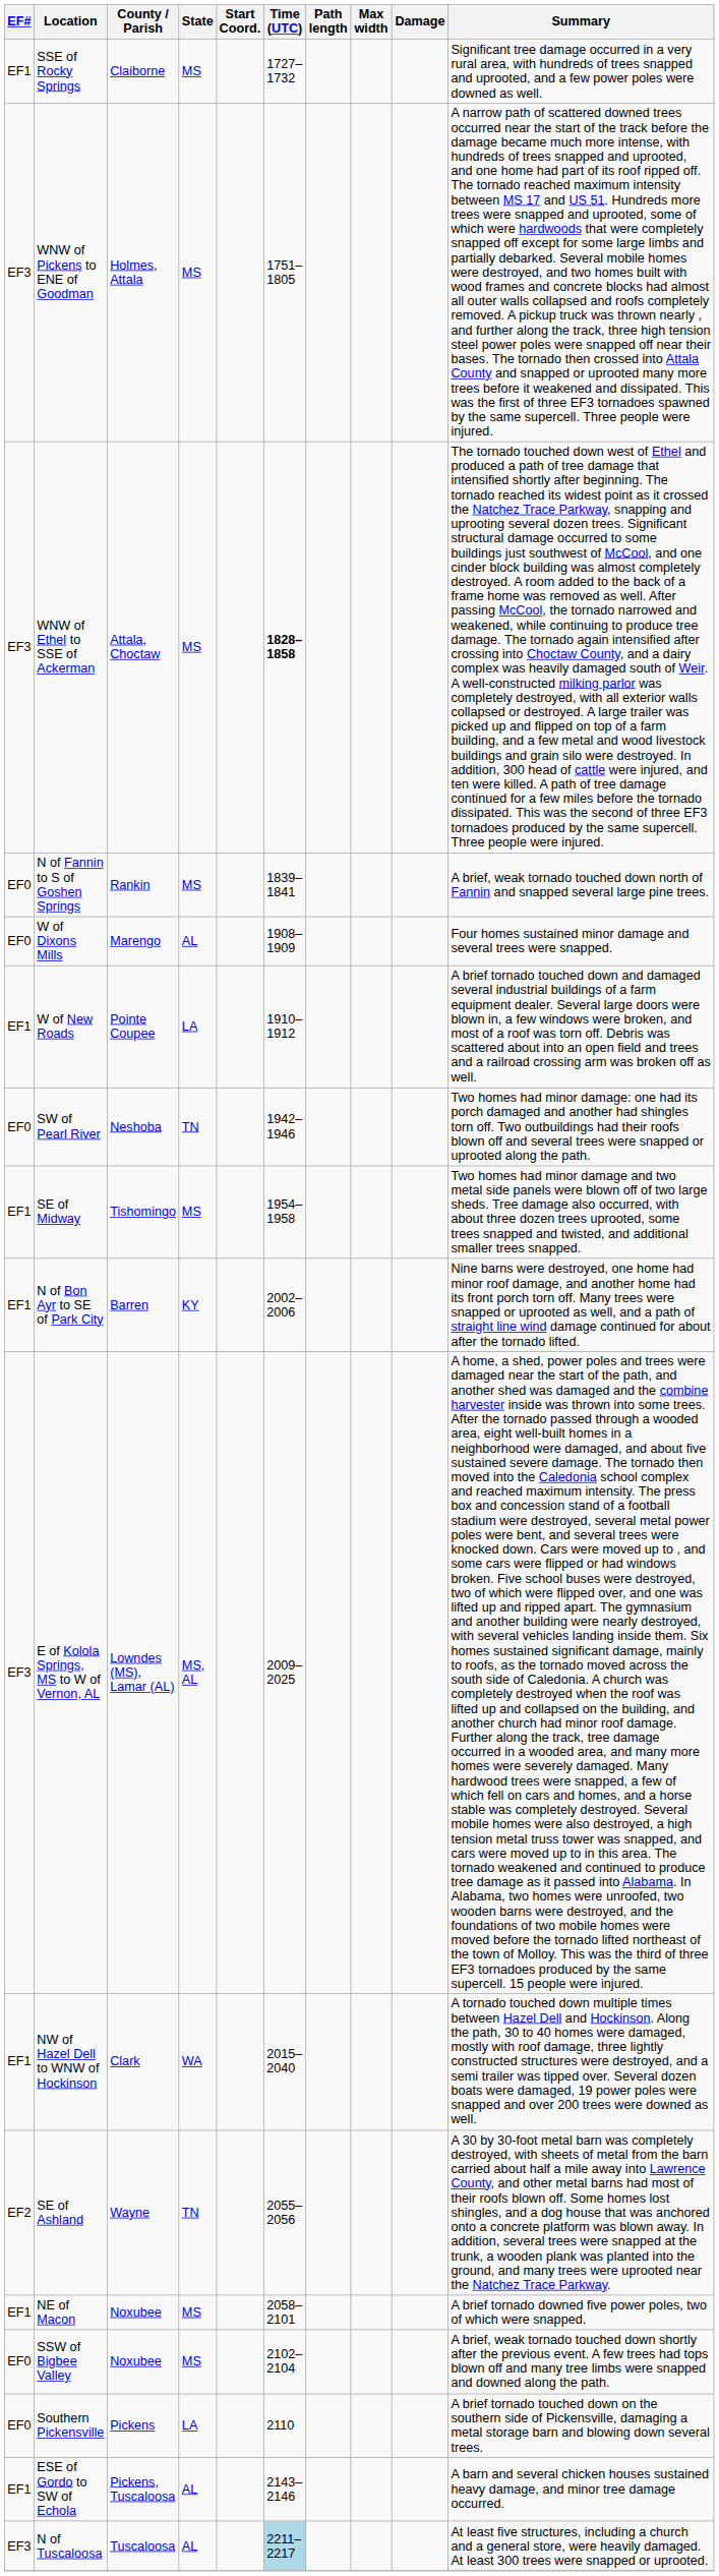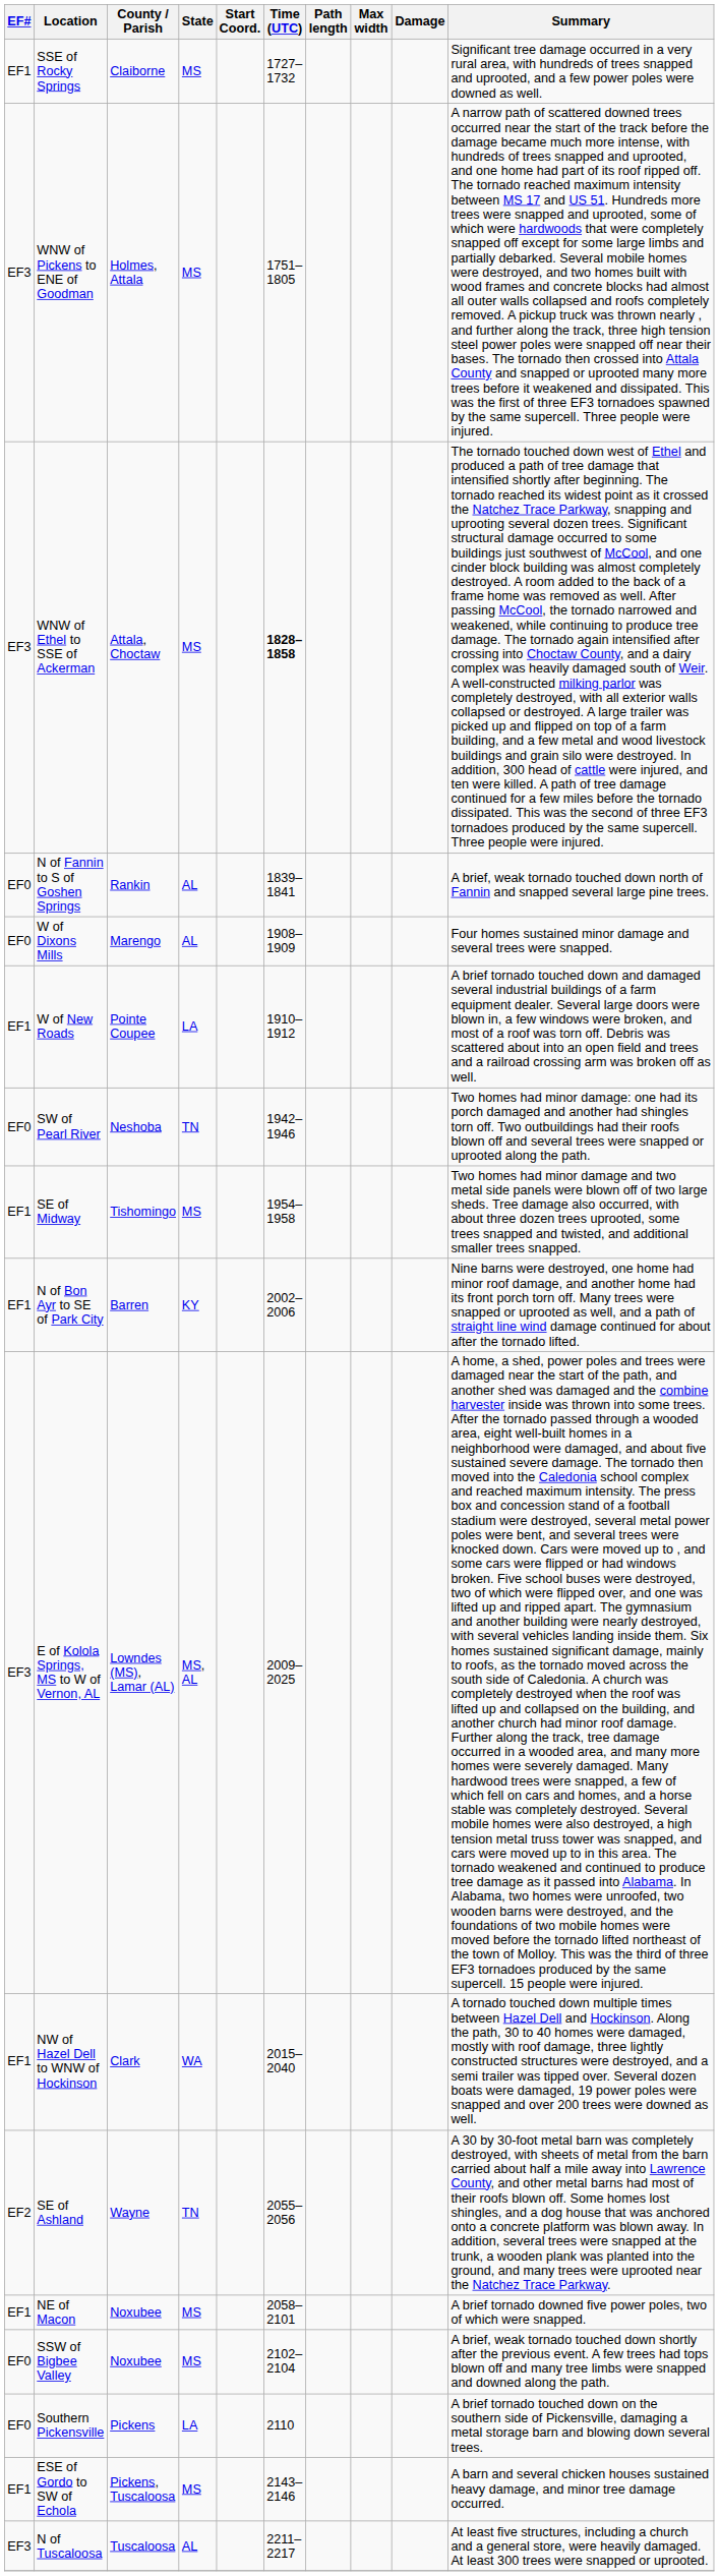 <table class="wikitable sortable" style="width:100%;">
 <tr>
 <th scope="col" width="3%" align="center"><a href='#'>EF#</a></th>
 <th scope="col" width="7%" align="center" class="unsortable">Location</th>
 <th scope="col" width="6%" align="center" class="unsortable">County / Parish</th>
 <th scope="col" width="5%" align="center">State</th>
 <th scope="col" width="6%" align="center">Start Coord.</th>
 <th scope="col" width="6%" align="center">Time (<a href='#'>UTC</a>)</th>
 <th scope="col" width="6%" align="center">Path length</th>
 <th scope="col" width="6%" align="center">Max width</th>
 <th scope="col" width="6%" align="center">Damage</th>
 <th scope="col" width="48%" class="unsortable" align="center">Summary</th>
 </tr>
 <tr>
 <td>EF1</td>
 <td>SSE of <a href='#'>Rocky Springs</a></td>
 <td><a href='#'>Claiborne</a></td>
 <td><a href='#'>MS</a></td>
 <td></td>
 <td>1727–1732</td>
 <td></td>
 <td></td>
 <td></td>
 <td>Significant tree damage occurred in a very rural area, with hundreds of trees snapped and uprooted, and a few power poles were downed as well.</td>
 </tr>
 <tr>
 <td>EF3</td>
 <td>WNW of <a href='#'>Pickens</a> to ENE of <a href='#'>Goodman</a></td>
 <td><a href='#'>Holmes</a>, <a href='#'>Attala</a></td>
 <td><a href='#'>MS</a></td>
 <td></td>
 <td>1751–1805</td>
 <td></td>
 <td></td>
 <td></td>
 <td>A narrow path of scattered downed trees occurred near the start of the track before the damage became much more intense, with hundreds of trees snapped and uprooted, and one home had part of its roof ripped off. The tornado reached maximum intensity between <a href='#'>MS 17</a> and <a href='#'>US 51</a>. Hundreds more trees were snapped and uprooted, some of which were <a href='#'>hardwoods</a> that were completely snapped off except for some large limbs and partially debarked. Several mobile homes were destroyed, and two homes built with wood frames and concrete blocks had almost all outer walls collapsed and roofs completely removed. A pickup truck was thrown nearly , and further along the track, three high tension steel power poles were snapped off near their bases. The tornado then crossed into <a href='#'>Attala County</a> and snapped or uprooted many more trees before it weakened and dissipated. This was the first of three EF3 tornadoes spawned by the same supercell. Three people were injured.</td>
 </tr>
 <tr>
 <td>EF3</td>
 <td>WNW of <a href='#'>Ethel</a> to SSE of <a href='#'>Ackerman</a></td>
 <td><a href='#'>Attala</a>, <a href='#'>Choctaw</a></td>
 <td><a href='#'>MS</a></td>
 <td></td>
 <td><strong>1828–1858</strong></td>
 <td></td>
 <td></td>
 <td></td>
 <td>The tornado touched down west of <a href='#'>Ethel</a> and produced a path of tree damage that intensified shortly after beginning. The tornado reached its widest point as it crossed the <a href='#'>Natchez Trace Parkway</a>, snapping and uprooting several dozen trees. Significant structural damage occurred to some buildings just southwest of <a href='#'>McCool</a>, and one cinder block building was almost completely destroyed. A room added to the back of a frame home was removed as well. After passing <a href='#'>McCool</a>, the tornado narrowed and weakened, while continuing to produce tree damage. The tornado again intensified after crossing into <a href='#'>Choctaw County</a>, and a dairy complex was heavily damaged south of <a href='#'>Weir</a>. A well-constructed <a href='#'>milking parlor</a> was completely destroyed, with all exterior walls collapsed or destroyed. A large  trailer was picked up and flipped on top of a farm building, and a few metal and wood livestock buildings and grain silo were destroyed. In addition, 300 head of <a href='#'>cattle</a> were injured, and ten were killed. A path of tree damage continued for a few miles before the tornado dissipated. This was the second of three EF3 tornadoes produced by the same supercell. Three people were injured.</td>
 </tr>
 <tr>
 <td>EF0</td>
 <td>N of <a href='#'>Fannin</a> to S of <a href='#'>Goshen Springs</a></td>
 <td><a href='#'>Rankin</a></td>
-<td><a href='#'>MS</a></td>
+<td><a href='#'>AL</a></td>
 <td></td>
 <td>1839–1841</td>
 <td></td>
 <td></td>
 <td></td>
 <td>A brief, weak tornado touched down north of <a href='#'>Fannin</a> and snapped several large pine trees.</td>
 </tr>
 <tr>
 <td>EF0</td>
 <td>W of <a href='#'>Dixons Mills</a></td>
 <td><a href='#'>Marengo</a></td>
 <td><a href='#'>AL</a></td>
 <td></td>
 <td>1908–1909</td>
 <td></td>
 <td></td>
 <td></td>
 <td>Four homes sustained minor damage and several trees were snapped.</td>
 </tr>
 <tr>
 <td>EF1</td>
 <td>W of <a href='#'>New Roads</a></td>
 <td><a href='#'>Pointe Coupee</a></td>
 <td><a href='#'>LA</a></td>
 <td></td>
 <td>1910–1912</td>
 <td></td>
 <td></td>
 <td></td>
 <td>A brief tornado touched down and damaged several industrial buildings of a farm equipment dealer. Several large doors were blown in, a few windows were broken, and most of a roof was torn off. Debris was scattered about  into an open field and trees and a railroad crossing arm was broken off as well.</td>
 </tr>
 <tr>
 <td>EF0</td>
 <td>SW of <a href='#'>Pearl River</a></td>
 <td><a href='#'>Neshoba</a></td>
 <td><a href='#'>TN</a></td>
 <td></td>
 <td>1942–1946</td>
 <td></td>
 <td></td>
 <td></td>
 <td>Two homes had minor damage: one had its porch damaged and another had shingles torn off. Two outbuildings had their roofs blown off and several trees were snapped or uprooted along the path.</td>
 </tr>
 <tr>
 <td>EF1</td>
 <td>SE of <a href='#'>Midway</a></td>
 <td><a href='#'>Tishomingo</a></td>
 <td><a href='#'>MS</a></td>
 <td></td>
 <td>1954–1958</td>
 <td></td>
 <td></td>
 <td></td>
 <td>Two homes had minor damage and two metal side panels were blown off of two large sheds. Tree damage also occurred, with about three dozen trees uprooted, some trees snapped and twisted, and additional smaller trees snapped.</td>
 </tr>
 <tr>
 <td>EF1</td>
 <td>N of <a href='#'>Bon Ayr</a> to SE of <a href='#'>Park City</a></td>
 <td><a href='#'>Barren</a></td>
 <td><a href='#'>KY</a></td>
 <td></td>
 <td>2002–2006</td>
 <td></td>
 <td></td>
 <td></td>
 <td>Nine barns were destroyed, one home had minor roof damage, and another home had its front porch torn off. Many trees were snapped or uprooted as well, and a path of <a href='#'>straight line wind</a> damage continued for about  after the tornado lifted.</td>
 </tr>
 <tr>
 <td>EF3</td>
 <td>E of <a href='#'>Kolola Springs, MS</a> to W of <a href='#'>Vernon, AL</a></td>
 <td><a href='#'>Lowndes (MS)</a>, <a href='#'>Lamar (AL)</a></td>
 <td><a href='#'>MS</a>, <a href='#'>AL</a></td>
 <td></td>
 <td>2009–2025</td>
 <td></td>
 <td></td>
 <td></td>
 <td>A home, a shed, power poles and trees were damaged near the start of the path, and another shed was damaged and the <a href='#'>combine harvester</a> inside was thrown into some trees. After the tornado passed through a wooded area, eight well-built homes in a neighborhood were damaged, and about five sustained severe damage. The tornado then moved into the <a href='#'>Caledonia</a> school complex and reached maximum intensity. The press box and concession stand of a football stadium were destroyed, several metal power poles were bent, and several trees were knocked down. Cars were moved up to , and some cars were flipped or had windows broken. Five school buses were destroyed, two of which were flipped over, and one was lifted up and ripped apart. The gymnasium and another building were nearly destroyed, with several vehicles landing inside them. Six homes sustained significant damage, mainly to roofs, as the tornado moved across the south side of Caledonia. A church was completely destroyed when the roof was lifted up and collapsed on the building, and another church had minor roof damage. Further along the track, tree damage occurred in a wooded area, and many more homes were severely damaged. Many hardwood trees were snapped, a few of which fell on cars and homes, and a horse stable was completely destroyed. Several mobile homes were also destroyed, a high tension metal truss tower was snapped, and cars were moved up to  in this area. The tornado weakened and continued to produce tree damage as it passed into <a href='#'>Alabama</a>. In Alabama, two homes were unroofed, two wooden barns were destroyed, and the foundations of two mobile homes were moved before the tornado lifted northeast of the town of Molloy. This was the third of three EF3 tornadoes produced by the same supercell. 15 people were injured.</td>
 </tr>
 <tr>
 <td>EF1</td>
 <td>NW of <a href='#'>Hazel Dell</a> to WNW of <a href='#'>Hockinson</a></td>
 <td><a href='#'>Clark</a></td>
 <td><a href='#'>WA</a></td>
 <td></td>
 <td>2015–2040</td>
 <td></td>
 <td></td>
 <td></td>
 <td>A tornado touched down multiple times between <a href='#'>Hazel Dell</a> and <a href='#'>Hockinson</a>. Along the path, 30 to 40 homes were damaged, mostly with roof damage, three lightly constructed structures were destroyed, and a semi trailer was tipped over. Several dozen boats were damaged, 19 power poles were snapped and over 200 trees were downed as well.</td>
 </tr>
 <tr>
 <td>EF2</td>
 <td>SE of <a href='#'>Ashland</a></td>
 <td><a href='#'>Wayne</a></td>
 <td><a href='#'>TN</a></td>
 <td></td>
 <td>2055–2056</td>
 <td></td>
 <td></td>
 <td></td>
 <td>A 30 by 30-foot metal barn was completely destroyed, with sheets of metal from the barn carried about half a mile away into <a href='#'>Lawrence County</a>, and other metal barns had most of their roofs blown off. Some homes lost shingles, and a dog house that was anchored onto a concrete platform was blown away. In addition, several trees were snapped at the trunk, a wooden plank was planted into the ground, and many trees were uprooted near the <a href='#'>Natchez Trace Parkway</a>.</td>
 </tr>
 <tr>
 <td>EF1</td>
 <td>NE of <a href='#'>Macon</a></td>
 <td><a href='#'>Noxubee</a></td>
 <td><a href='#'>MS</a></td>
 <td></td>
 <td>2058–2101</td>
 <td></td>
 <td></td>
 <td></td>
 <td>A brief tornado downed five power poles, two of which were snapped.</td>
 </tr>
 <tr>
 <td>EF0</td>
 <td>SSW of <a href='#'>Bigbee Valley</a></td>
 <td><a href='#'>Noxubee</a></td>
 <td><a href='#'>MS</a></td>
 <td></td>
 <td>2102–2104</td>
 <td></td>
 <td></td>
 <td></td>
 <td>A brief, weak tornado touched down shortly after the previous event. A few trees had tops blown off and many tree limbs were snapped and downed along the path.</td>
 </tr>
 <tr>
 <td>EF0</td>
 <td>Southern <a href='#'>Pickensville</a></td>
 <td><a href='#'>Pickens</a></td>
 <td><a href='#'>LA</a></td>
 <td></td>
 <td>2110</td>
 <td></td>
 <td></td>
 <td></td>
 <td>A brief tornado touched down on the southern side of Pickensville, damaging a metal storage barn and blowing down several trees.</td>
 </tr>
 <tr>
 <td>EF1</td>
 <td>ESE of <a href='#'>Gordo</a> to SW of <a href='#'>Echola</a></td>
 <td><a href='#'>Pickens</a>, <a href='#'>Tuscaloosa</a></td>
-<td><a href='#'>AL</a></td>
+<td><a href='#'>MS</a></td>
 <td></td>
 <td>2143–2146</td>
 <td></td>
 <td></td>
 <td></td>
 <td>A barn and several chicken houses sustained heavy damage, and minor tree damage occurred.</td>
 </tr>
 <tr>
 <td>EF3</td>
 <td>N of <a href='#'>Tuscaloosa</a></td>
 <td><a href='#'>Tuscaloosa</a></td>
 <td><a href='#'>AL</a></td>
 <td></td>
-<td style="background: lightblue;">2211–2217</td>
+<td>2211–2217</td>
 <td></td>
 <td></td>
 <td></td>
 <td>At least five structures, including a church and a general store, were heavily damaged. At least 300 trees were snapped or uprooted.</td>
 </tr>
 <tr>
 </tr>
 </table>
